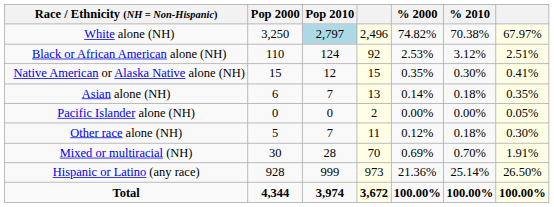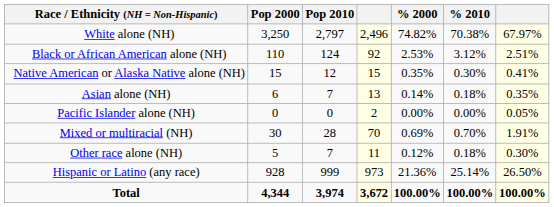 <table class="wikitable" style="text-align:center;">
 <tr>
 <th>Race / Ethnicity <small>(<em>NH = Non-Hispanic</em>)</small></th>
 <th>Pop 2000</th>
 <th>Pop 2010</th>
 <th></th>
 <th>% 2000</th>
 <th>% 2010</th>
 <th></th>
 </tr>
 <tr>
 <td>  <a href='#'>White</a> alone (NH)</td>
 <td>3,250</td>
-<td style="background: lightblue;">2,797</td>
+<td>2,797</td>
 <td style='background: #ffffe6;'>2,496</td>
 <td>74.82%</td>
 <td>70.38%</td>
 <td style='background: #ffffe6;'>67.97%</td>
 </tr>
 <tr>
 <td>  <a href='#'>Black or African American</a> alone (NH)</td>
 <td>110</td>
 <td>124</td>
 <td style='background: #ffffe6;'>92</td>
 <td>2.53%</td>
 <td>3.12%</td>
 <td style='background: #ffffe6;'>2.51%</td>
 </tr>
 <tr>
 <td>  <a href='#'>Native American</a> or <a href='#'>Alaska Native</a> alone (NH)</td>
 <td>15</td>
 <td>12</td>
 <td style='background: #ffffe6;'>15</td>
 <td>0.35%</td>
 <td>0.30%</td>
 <td style='background: #ffffe6;'>0.41%</td>
 </tr>
 <tr>
 <td><a href='#'>Asian</a> alone (NH)</td>
 <td>6</td>
 <td>7</td>
 <td style='background: #ffffe6;'>13</td>
 <td>0.14%</td>
 <td>0.18%</td>
 <td style='background: #ffffe6;'>0.35%</td>
 </tr>
 <tr>
 <td><a href='#'>Pacific Islander</a> alone (NH)</td>
 <td>0</td>
 <td>0</td>
 <td style='background: #ffffe6;'>2</td>
 <td>0.00%</td>
 <td>0.00%</td>
 <td style='background: #ffffe6;'>0.05%</td>
 </tr>
 <tr>
+<td><a href='#'>Mixed or multiracial</a> (NH)</td>
+<td>30</td>
+<td>28</td>
+<td style='background: #ffffe6;'>70</td>
+<td>0.69%</td>
+<td>0.70%</td>
+<td style='background: #ffffe6;'>1.91%</td>
+</tr>
+<tr>
 <td><a href='#'>Other race</a> alone (NH)</td>
 <td>5</td>
 <td>7</td>
 <td style='background: #ffffe6;'>11</td>
 <td>0.12%</td>
 <td>0.18%</td>
 <td style='background: #ffffe6;'>0.30%</td>
-</tr>
-<tr>
-<td><a href='#'>Mixed or multiracial</a> (NH)</td>
-<td>30</td>
-<td>28</td>
-<td style='background: #ffffe6;'>70</td>
-<td>0.69%</td>
-<td>0.70%</td>
-<td style='background: #ffffe6;'>1.91%</td>
 </tr>
 <tr>
 <td><a href='#'>Hispanic or Latino</a> (any race)</td>
 <td>928</td>
 <td>999</td>
 <td style='background: #ffffe6;'>973</td>
 <td>21.36%</td>
 <td>25.14%</td>
 <td style='background: #ffffe6;'>26.50%</td>
 </tr>
 <tr>
 <td><strong>Total</strong></td>
 <td><strong>4,344</strong></td>
 <td><strong>3,974</strong></td>
 <td style='background: #ffffe6;'><strong>3,672</strong></td>
 <td><strong>100.00%</strong></td>
 <td><strong>100.00%</strong></td>
 <td style='background: #ffffe6;'><strong>100.00%</strong></td>
 </tr>
 </table>
